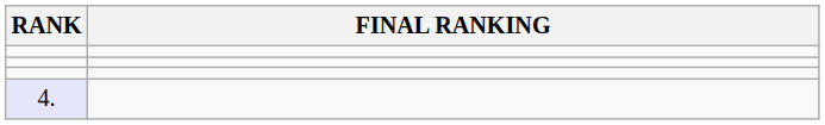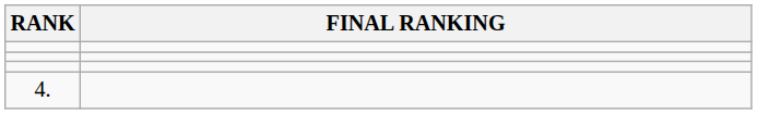 <table class="wikitable" style="border-collapse: collapse; font-size: 90%;">
 <tr>
 <th>RANK</th>
 <th style="width: 30em">FINAL RANKING</th>
 </tr>
 <tr>
 <td align="center"></td>
 <td></td>
 </tr>
 <tr>
 <td align="center"></td>
 <td></td>
 </tr>
 <tr>
 <td align="center"></td>
 <td></td>
 </tr>
 <tr>
-<td align="center" style="background: lavender;">4.</td>
+<td align="center">4.</td>
 <td></td>
 </tr>
 </table>
